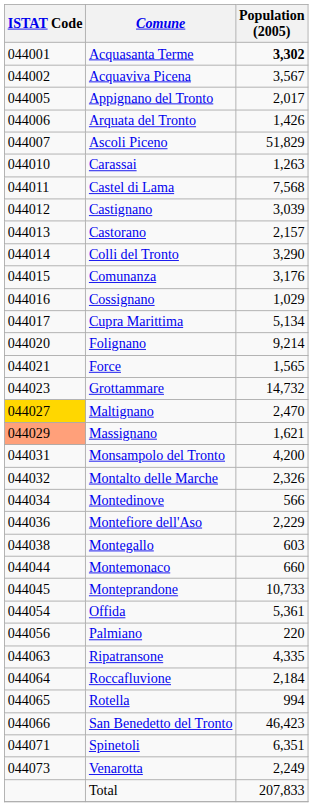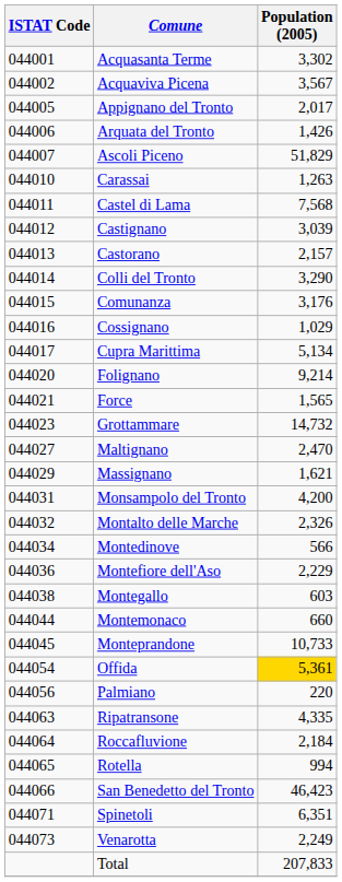 <table class="wikitable sortable">
 <tr>
 <th><a href='#'>ISTAT</a> Code</th>
 <th><em><a href='#'>Comune</a></em></th>
 <th>Population <br>(2005)</th>
 </tr>
 <tr>
 <td>044001</td>
 <td><a href='#'>Acquasanta Terme</a></td>
-<td align="right"><strong>3,302</strong></td>
+<td align="right">3,302</td>
 </tr>
 <tr>
 <td>044002</td>
 <td><a href='#'>Acquaviva Picena</a></td>
 <td align="right">3,567</td>
 </tr>
 <tr>
 <td>044005</td>
 <td><a href='#'>Appignano del Tronto</a></td>
 <td align="right">2,017</td>
 </tr>
 <tr>
 <td>044006</td>
 <td><a href='#'>Arquata del Tronto</a></td>
 <td align="right">1,426</td>
 </tr>
 <tr>
 <td>044007</td>
 <td><a href='#'>Ascoli Piceno</a></td>
 <td align="right">51,829</td>
 </tr>
 <tr>
 <td>044010</td>
 <td><a href='#'>Carassai</a></td>
 <td align="right">1,263</td>
 </tr>
 <tr>
 <td>044011</td>
 <td><a href='#'>Castel di Lama</a></td>
 <td align="right">7,568</td>
 </tr>
 <tr>
 <td>044012</td>
 <td><a href='#'>Castignano</a></td>
 <td align="right">3,039</td>
 </tr>
 <tr>
 <td>044013</td>
 <td><a href='#'>Castorano</a></td>
 <td align="right">2,157</td>
 </tr>
 <tr>
 <td>044014</td>
 <td><a href='#'>Colli del Tronto</a></td>
 <td align="right">3,290</td>
 </tr>
 <tr>
 <td>044015</td>
 <td><a href='#'>Comunanza</a></td>
 <td align="right">3,176</td>
 </tr>
 <tr>
 <td>044016</td>
 <td><a href='#'>Cossignano</a></td>
 <td align="right">1,029</td>
 </tr>
 <tr>
 <td>044017</td>
 <td><a href='#'>Cupra Marittima</a></td>
 <td align="right">5,134</td>
 </tr>
 <tr>
 <td>044020</td>
 <td><a href='#'>Folignano</a></td>
 <td align="right">9,214</td>
 </tr>
 <tr>
 <td>044021</td>
 <td><a href='#'>Force</a></td>
 <td align="right">1,565</td>
 </tr>
 <tr>
 <td>044023</td>
 <td><a href='#'>Grottammare</a></td>
 <td align="right">14,732</td>
 </tr>
 <tr>
-<td style="background: gold;">044027</td>
+<td>044027</td>
 <td><a href='#'>Maltignano</a></td>
 <td align="right">2,470</td>
 </tr>
 <tr>
-<td style="background: lightsalmon;">044029</td>
+<td>044029</td>
 <td><a href='#'>Massignano</a></td>
 <td align="right">1,621</td>
 </tr>
 <tr>
 <td>044031</td>
 <td><a href='#'>Monsampolo del Tronto</a></td>
 <td align="right">4,200</td>
 </tr>
 <tr>
 <td>044032</td>
 <td><a href='#'>Montalto delle Marche</a></td>
 <td align="right">2,326</td>
 </tr>
 <tr>
 <td>044034</td>
 <td><a href='#'>Montedinove</a></td>
 <td align="right">566</td>
 </tr>
 <tr>
 <td>044036</td>
 <td><a href='#'>Montefiore dell'Aso</a></td>
 <td align="right">2,229</td>
 </tr>
 <tr>
 <td>044038</td>
 <td><a href='#'>Montegallo</a></td>
 <td align="right">603</td>
 </tr>
 <tr>
 <td>044044</td>
 <td><a href='#'>Montemonaco</a></td>
 <td align="right">660</td>
 </tr>
 <tr>
 <td>044045</td>
 <td><a href='#'>Monteprandone</a></td>
 <td align="right">10,733</td>
 </tr>
 <tr>
 <td>044054</td>
 <td><a href='#'>Offida</a></td>
-<td align="right">5,361</td>
+<td align="right" style="background: gold;">5,361</td>
 </tr>
 <tr>
 <td>044056</td>
 <td><a href='#'>Palmiano</a></td>
 <td align="right">220</td>
 </tr>
 <tr>
 <td>044063</td>
 <td><a href='#'>Ripatransone</a></td>
 <td align="right">4,335</td>
 </tr>
 <tr>
 <td>044064</td>
 <td><a href='#'>Roccafluvione</a></td>
 <td align="right">2,184</td>
 </tr>
 <tr>
 <td>044065</td>
 <td><a href='#'>Rotella</a></td>
 <td align="right">994</td>
 </tr>
 <tr>
 <td>044066</td>
 <td><a href='#'>San Benedetto del Tronto</a></td>
 <td align="right">46,423</td>
 </tr>
 <tr>
 <td>044071</td>
 <td><a href='#'>Spinetoli</a></td>
 <td align="right">6,351</td>
 </tr>
 <tr>
 <td>044073</td>
 <td><a href='#'>Venarotta</a></td>
 <td align="right">2,249</td>
 </tr>
 <tr>
 <td></td>
 <td>Total</td>
 <td align="right">207,833</td>
 </tr>
 <tr>
 </tr>
 </table>
